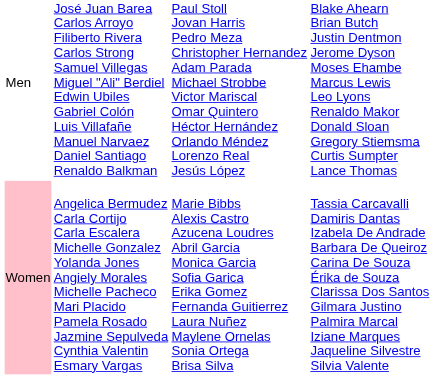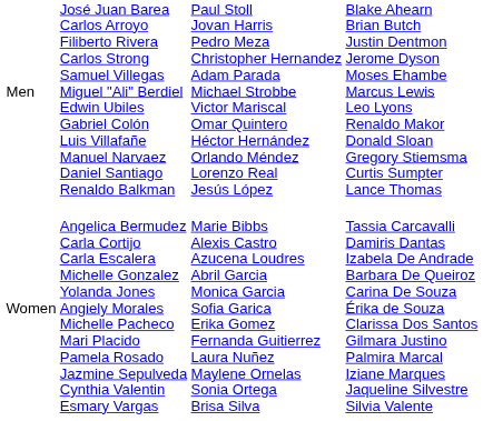 <table>
 <tr>
 <td>Men <br></td>
 <td><br><a href='#'>José Juan Barea</a><br><a href='#'>Carlos Arroyo</a><br><a href='#'>Filiberto Rivera</a><br><a href='#'>Carlos Strong</a><br><a href='#'>Samuel Villegas</a><br><a href='#'>Miguel "Ali" Berdiel</a><br><a href='#'>Edwin Ubiles</a><br><a href='#'>Gabriel Colón</a><br><a href='#'>Luis Villafañe</a><br><a href='#'>Manuel Narvaez</a><br><a href='#'>Daniel Santiago</a><br><a href='#'>Renaldo Balkman</a></td>
 <td><br><a href='#'>Paul Stoll</a><br><a href='#'>Jovan Harris</a><br><a href='#'>Pedro Meza</a><br><a href='#'>Christopher Hernandez</a><br><a href='#'>Adam Parada</a><br><a href='#'>Michael Strobbe</a><br><a href='#'>Victor Mariscal</a><br><a href='#'>Omar Quintero</a><br><a href='#'>Héctor Hernández</a><br><a href='#'>Orlando Méndez</a><br><a href='#'>Lorenzo Real</a><br><a href='#'>Jesús López</a></td>
 <td><br><a href='#'>Blake Ahearn</a><br><a href='#'>Brian Butch</a><br><a href='#'>Justin Dentmon</a><br><a href='#'>Jerome Dyson</a><br><a href='#'>Moses Ehambe</a><br><a href='#'>Marcus Lewis</a><br><a href='#'>Leo Lyons</a><br><a href='#'>Renaldo Makor</a><br><a href='#'>Donald Sloan</a><br><a href='#'>Gregory Stiemsma</a><br><a href='#'>Curtis Sumpter</a><br><a href='#'>Lance Thomas</a></td>
 </tr>
 <tr>
-<td style="background: pink;">Women <br></td>
+<td>Women <br></td>
 <td><br><a href='#'>Angelica Bermudez</a><br><a href='#'>Carla Cortijo</a><br><a href='#'>Carla Escalera</a><br><a href='#'>Michelle Gonzalez</a><br><a href='#'>Yolanda Jones</a><br><a href='#'>Angiely Morales</a><br><a href='#'>Michelle Pacheco</a><br><a href='#'>Mari Placido</a><br><a href='#'>Pamela Rosado</a><br><a href='#'>Jazmine Sepulveda</a><br><a href='#'>Cynthia Valentin</a><br><a href='#'>Esmary Vargas</a></td>
 <td><br><a href='#'>Marie Bibbs</a><br><a href='#'>Alexis Castro</a><br><a href='#'>Azucena Loudres</a><br><a href='#'>Abril Garcia</a><br><a href='#'>Monica Garcia</a><br><a href='#'>Sofia Garica</a><br><a href='#'>Erika Gomez</a><br><a href='#'>Fernanda Guitierrez</a><br><a href='#'>Laura Nuñez</a><br><a href='#'>Maylene Ornelas</a><br><a href='#'>Sonia Ortega</a><br><a href='#'>Brisa Silva</a></td>
 <td><br><a href='#'>Tassia Carcavalli</a><br><a href='#'>Damiris Dantas</a><br><a href='#'>Izabela De Andrade</a><br><a href='#'>Barbara De Queiroz</a><br><a href='#'>Carina De Souza</a><br><a href='#'>Érika de Souza</a><br><a href='#'>Clarissa Dos Santos</a><br><a href='#'>Gilmara Justino</a><br><a href='#'>Palmira Marcal</a><br><a href='#'>Iziane Marques</a><br><a href='#'>Jaqueline Silvestre</a><br><a href='#'>Silvia Valente</a></td>
 </tr>
 </table>
